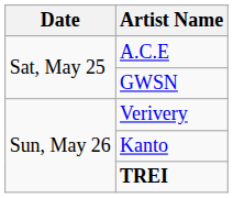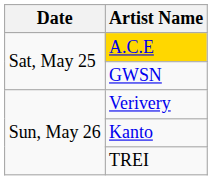 <table class="wikitable">
 <tr>
 <th>Date</th>
 <th>Artist Name</th>
 </tr>
 <tr>
 <td rowspan="2">Sat, May 25</td>
-<td><a href='#'>A.C.E</a></td>
+<td style="background: gold;"><a href='#'>A.C.E</a></td>
 </tr>
 <tr>
 <td><a href='#'>GWSN</a></td>
 </tr>
 <tr>
 <td rowspan="3">Sun, May 26</td>
 <td><a href='#'>Verivery</a></td>
 </tr>
 <tr>
 <td><a href='#'>Kanto</a></td>
 </tr>
 <tr>
-<td><strong>TREI</strong></td>
+<td>TREI</td>
 </tr>
 </table>
